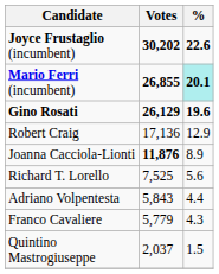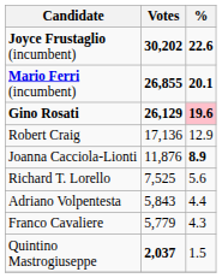 <table class="wikitable">
 <tr>
 <th bgcolor="#DDDDFF" width="150px">Candidate</th>
 <th bgcolor="#DDDDFF">Votes</th>
 <th bgcolor="#DDDDFF">%</th>
 </tr>
 <tr>
 <td><strong>Joyce Frustaglio</strong> (incumbent)</td>
 <td><strong>30,202</strong></td>
 <td><strong>22.6</strong></td>
 </tr>
 <tr>
 <td><strong><a href='#'>Mario Ferri</a></strong> (incumbent)</td>
 <td><strong>26,855</strong></td>
-<td style="background: paleturquoise;"><strong>20.1</strong></td>
+<td><strong>20.1</strong></td>
 </tr>
 <tr>
 <td><strong>Gino Rosati</strong></td>
 <td><strong>26,129</strong></td>
-<td><strong>19.6</strong></td>
+<td style="background: pink;"><strong>19.6</strong></td>
 </tr>
 <tr>
 <td>Robert Craig</td>
 <td>17,136</td>
 <td>12.9</td>
 </tr>
 <tr>
 <td>Joanna Cacciola-Lionti</td>
-<td><strong>11,876</strong></td>
-<td>8.9</td>
+<td>11,876</td>
+<td><strong>8.9</strong></td>
 </tr>
 <tr>
 <td>Richard T. Lorello</td>
 <td>7,525</td>
 <td>5.6</td>
 </tr>
 <tr>
 <td>Adriano Volpentesta</td>
 <td>5,843</td>
 <td>4.4</td>
 </tr>
 <tr>
 <td>Franco Cavaliere</td>
 <td>5,779</td>
 <td>4.3</td>
 </tr>
 <tr>
 <td>Quintino Mastrogiuseppe</td>
-<td>2,037</td>
+<td><strong>2,037</strong></td>
 <td>1.5</td>
 </tr>
 <tr>
 </tr>
 </table>
